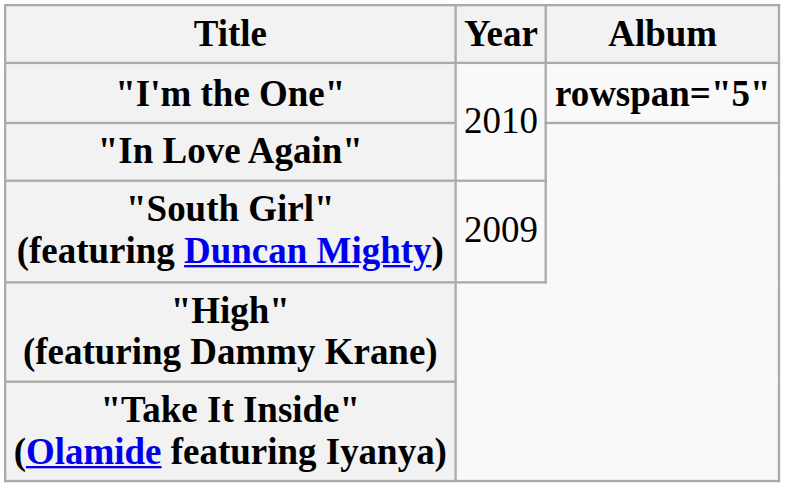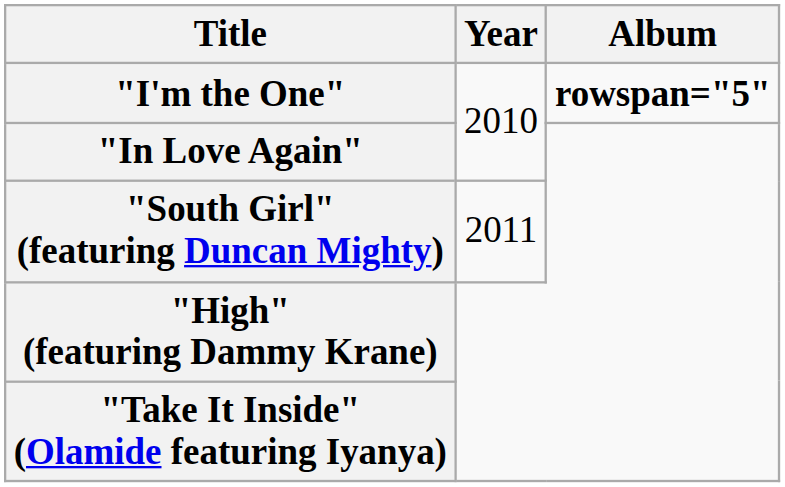 <table class="wikitable plainrowheaders" style="text-align:center">
 <tr>
 <th scope="col">Title</th>
 <th scope="col">Year</th>
 <th scope="col">Album</th>
 </tr>
 <tr>
 <th scope="row">"I'm the One"</th>
 <td rowspan="2">2010</td>
 <td><strong>rowspan="5" </strong></td>
 </tr>
 <tr>
 <th scope="row">"In Love Again"</th>
 </tr>
 <tr>
 <th scope="row">"South Girl"<br><span>(featuring <a href='#'>Duncan Mighty</a>)</span></th>
-<td>2009</td>
+<td>2011</td>
 </tr>
 <tr>
 <th scope="row">"High"<br><span>(featuring Dammy Krane)</span></th>
 </tr>
 <tr>
 <th scope="row">"Take It Inside"<br><span>(<a href='#'>Olamide</a> featuring Iyanya)</span></th>
 </tr>
 </table>
